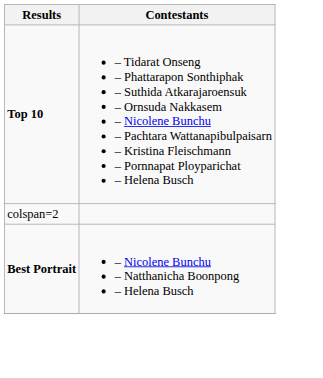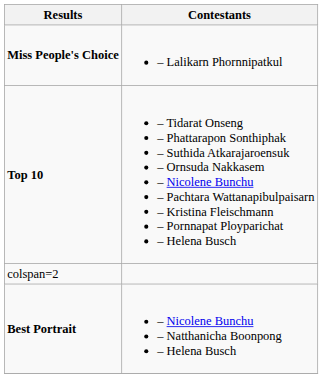 <table class="wikitable" style="font-size: 95%;">
 <tr>
 <th>Results</th>
 <th>Contestants</th>
+</tr>
+<tr>
+<td><strong>Miss People's Choice</strong></td>
+<td><br><ul><li><strong></strong> – Lalikarn Phornnipatkul</li></ul></td>
 </tr>
 <tr>
 <td><strong>Top 10</strong></td>
 <td><br><ul><li><strong></strong> – Tidarat Onseng</li><li><strong></strong> – Phattarapon Sonthiphak</li><li><strong></strong> – Suthida Atkarajaroensuk</li><li><strong></strong> – Ornsuda Nakkasem</li><li><strong></strong> – <a href='#'>Nicolene Bunchu</a></li><li><strong></strong> – Pachtara Wattanapibulpaisarn</li><li><strong></strong> – Kristina Fleischmann</li><li><strong></strong> – Pornnapat Ployparichat</li><li><strong></strong> – Helena Busch</li></ul></td>
 </tr>
 <tr>
 <td>colspan=2 </td>
 </tr>
 <tr>
 <td><strong>Best Portrait</strong></td>
 <td><br><ul><li><strong></strong> – <a href='#'>Nicolene Bunchu</a></li><li><strong></strong> – Natthanicha Boonpong</li><li><strong></strong> – Helena Busch</li></ul></td>
 </tr>
 <tr>
 </tr>
 </table>
